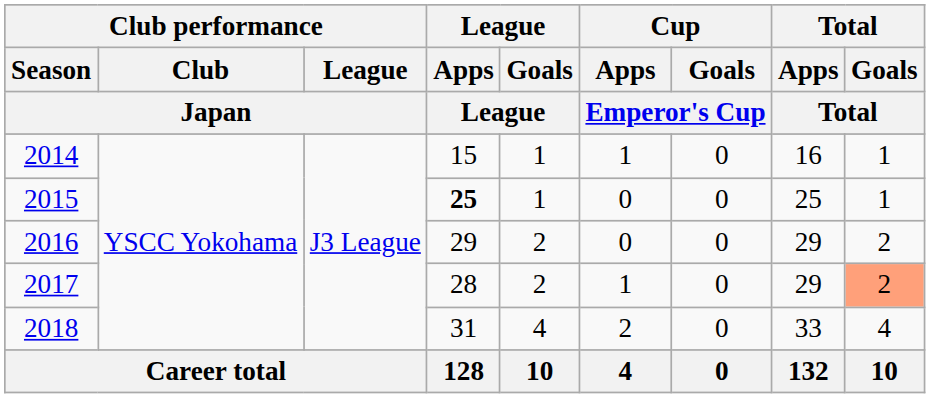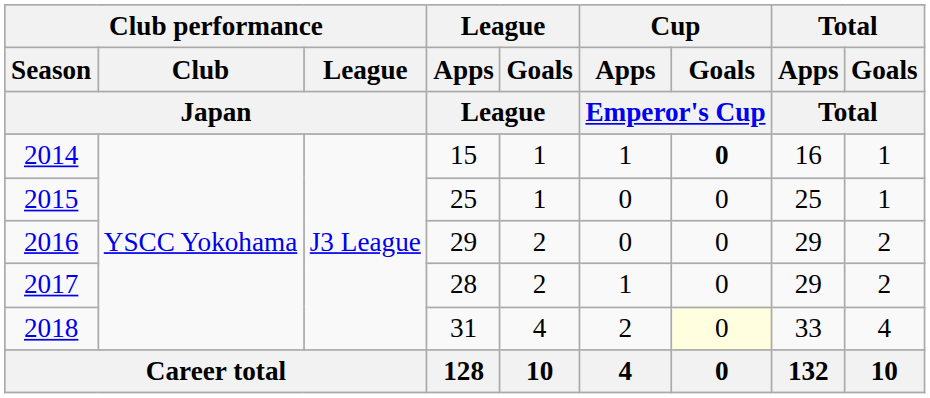 <table class="wikitable" style="text-align:center">
 <tr>
 <th colspan=3>Club performance</th>
 <th colspan=2>League</th>
 <th colspan=2>Cup</th>
 <th colspan=2>Total</th>
 </tr>
 <tr>
 <th>Season</th>
 <th>Club</th>
 <th>League</th>
 <th>Apps</th>
 <th>Goals</th>
 <th>Apps</th>
 <th>Goals</th>
 <th>Apps</th>
 <th>Goals</th>
 </tr>
 <tr>
 <th colspan=3>Japan</th>
 <th colspan=2>League</th>
 <th colspan=2><a href='#'>Emperor's Cup</a></th>
 <th colspan=2>Total</th>
 </tr>
 <tr>
 <td><a href='#'>2014</a></td>
 <td rowspan="5"><a href='#'>YSCC Yokohama</a></td>
 <td rowspan="5"><a href='#'>J3 League</a></td>
 <td>15</td>
 <td>1</td>
 <td>1</td>
-<td>0</td>
+<td><strong>0</strong></td>
 <td>16</td>
 <td>1</td>
 </tr>
 <tr>
 <td><a href='#'>2015</a></td>
-<td><strong>25</strong></td>
+<td>25</td>
 <td>1</td>
 <td>0</td>
 <td>0</td>
 <td>25</td>
 <td>1</td>
 </tr>
 <tr>
 <td><a href='#'>2016</a></td>
 <td>29</td>
 <td>2</td>
 <td>0</td>
 <td>0</td>
 <td>29</td>
 <td>2</td>
 </tr>
 <tr>
 <td><a href='#'>2017</a></td>
 <td>28</td>
 <td>2</td>
 <td>1</td>
 <td>0</td>
 <td>29</td>
-<td style="background: lightsalmon;">2</td>
+<td>2</td>
 </tr>
 <tr>
 <td><a href='#'>2018</a></td>
 <td>31</td>
 <td>4</td>
 <td>2</td>
-<td>0</td>
+<td style="background: lightyellow;">0</td>
 <td>33</td>
 <td>4</td>
 </tr>
 <tr>
 <th colspan=3>Career total</th>
 <th>128</th>
 <th>10</th>
 <th>4</th>
 <th>0</th>
 <th>132</th>
 <th>10</th>
 </tr>
 </table>
